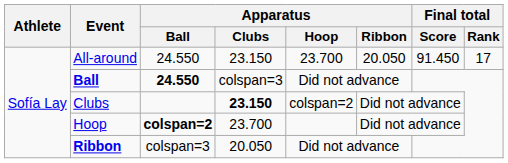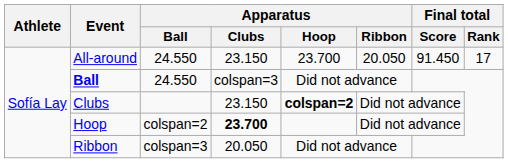 <table class=wikitable style=font-size:90%;text-align:center>
 <tr>
 <th rowspan=2>Athlete</th>
 <th rowspan=2>Event</th>
 <th colspan=4>Apparatus</th>
 <th colspan=2>Final total</th>
 </tr>
 <tr style=font-size:95%>
 <th>Ball</th>
 <th>Clubs</th>
 <th>Hoop</th>
 <th>Ribbon</th>
 <th>Score</th>
 <th>Rank</th>
 </tr>
 <tr>
 <td rowspan="5" align="left"><a href='#'>Sofía Lay⁣</a></td>
 <td align=left><a href='#'>All-around</a></td>
 <td>24.550</td>
 <td>23.150</td>
 <td>23.700</td>
 <td>20.050</td>
 <td>91.450</td>
 <td>17</td>
 </tr>
 <tr>
 <td align=left><strong><a href='#'>Ball</a></strong></td>
-<td><strong>24.550</strong></td>
+<td>24.550</td>
 <td>colspan=3 </td>
 <td colspan=2>Did not advance</td>
 </tr>
 <tr>
 <td align=left><a href='#'>Clubs</a></td>
 <td></td>
-<td><strong>23.150</strong></td>
-<td>colspan=2 </td>
+<td>23.150</td>
+<td><strong>colspan=2 </strong></td>
 <td colspan=2>Did not advance</td>
 </tr>
 <tr>
 <td align=left><a href='#'>Hoop</a></td>
-<td><strong>colspan=2 </strong></td>
-<td>23.700</td>
+<td>colspan=2 </td>
+<td><strong>23.700</strong></td>
 <td></td>
 <td colspan=2>Did not advance</td>
 </tr>
 <tr>
-<td align=left><strong><a href='#'>Ribbon</a></strong></td>
+<td align=left><a href='#'>Ribbon</a></td>
 <td>colspan=3 </td>
 <td>20.050</td>
 <td colspan=2>Did not advance</td>
 </tr>
 </table>
